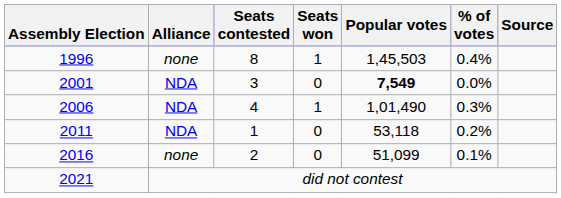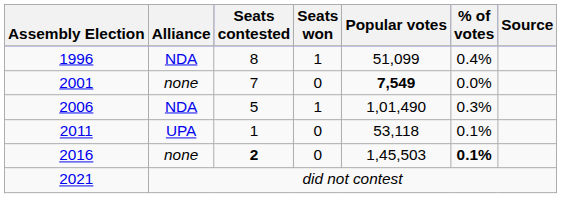 <table class="wikitable sortable" style="text-align:center;">
 <tr style="background:#00f;">
 <th style="background-color:"><br>Assembly Election</th>
 <th ! style="background-color:"><br> Alliance</th>
 <th style="background-color:">Seats<br>contested</th>
 <th style="background-color:">Seats<br>won</th>
 <th style="background-color:">Popular votes</th>
 <th style="background-color:">% of<br> votes</th>
 <th style="background-color:">Source</th>
 </tr>
 <tr>
 <td><a href='#'>1996</a></td>
-<td><em>none</em></td>
+<td><a href='#'>NDA</a></td>
 <td>8</td>
 <td>1</td>
-<td>1,45,503</td>
+<td>51,099</td>
 <td>0.4%</td>
 <td></td>
 </tr>
 <tr>
 <td><a href='#'>2001</a></td>
-<td><a href='#'>NDA</a></td>
-<td>3</td>
+<td><em>none</em></td>
+<td>7</td>
 <td>0</td>
 <td><strong>7,549</strong></td>
 <td>0.0%</td>
 <td></td>
 </tr>
 <tr>
 <td><a href='#'>2006</a></td>
 <td><a href='#'>NDA</a></td>
-<td>4</td>
+<td>5</td>
 <td>1</td>
 <td>1,01,490</td>
 <td>0.3%</td>
 <td></td>
 </tr>
 <tr>
 <td><a href='#'>2011</a></td>
-<td><a href='#'>NDA</a></td>
+<td><a href='#'>UPA</a></td>
 <td>1</td>
 <td>0</td>
 <td>53,118</td>
-<td>0.2%</td>
+<td>0.1%</td>
 <td></td>
 </tr>
 <tr>
 <td><a href='#'>2016</a></td>
 <td><em>none</em></td>
-<td>2</td>
+<td><strong>2</strong></td>
 <td>0</td>
-<td>51,099</td>
-<td>0.1%</td>
+<td>1,45,503</td>
+<td><strong>0.1%</strong></td>
 <td></td>
 </tr>
 <tr>
 <td><a href='#'>2021</a></td>
 <td colspan="6"><em>did not contest</em></td>
 </tr>
 </table>
